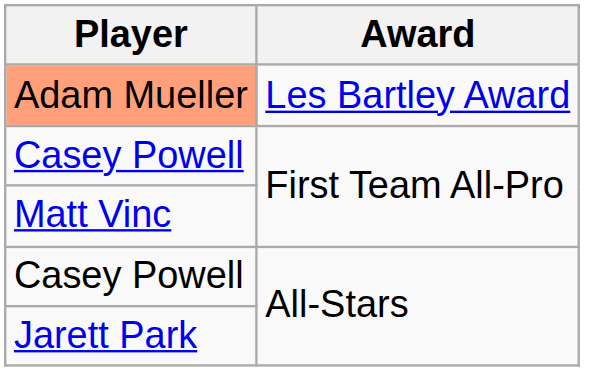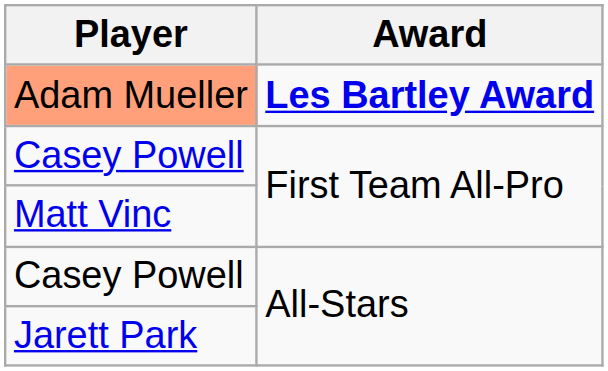 <table class="wikitable">
 <tr>
 <th>Player</th>
 <th>Award</th>
 </tr>
 <tr>
 <td style="background: lightsalmon;">Adam Mueller</td>
-<td><a href='#'>Les Bartley Award</a></td>
+<td><strong><a href='#'>Les Bartley Award</a></strong></td>
 </tr>
 <tr>
 <td><a href='#'>Casey Powell</a></td>
 <td rowspan=2>First Team All-Pro</td>
 </tr>
 <tr>
 <td><a href='#'>Matt Vinc</a></td>
 </tr>
 <tr>
 <td>Casey Powell</td>
 <td rowspan=2>All-Stars</td>
 </tr>
 <tr>
 <td><a href='#'>Jarett Park</a></td>
 </tr>
 </table>
